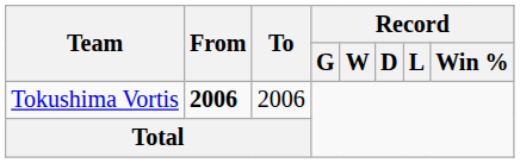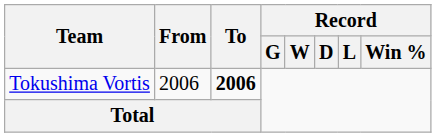 <table class="wikitable" style="text-align: center">
 <tr>
 <th rowspan="2">Team</th>
 <th rowspan="2">From</th>
 <th rowspan="2">To</th>
 <th colspan="5">Record</th>
 </tr>
 <tr>
 <th>G</th>
 <th>W</th>
 <th>D</th>
 <th>L</th>
 <th>Win %</th>
 </tr>
 <tr>
 <td align="left"><a href='#'>Tokushima Vortis</a></td>
-<td align="left"><strong>2006</strong></td>
-<td align="left">2006<br></td>
+<td align="left">2006</td>
+<td align="left"><strong>2006<br></strong></td>
 </tr>
 <tr>
 <th colspan="3">Total<br></th>
 </tr>
 </table>
